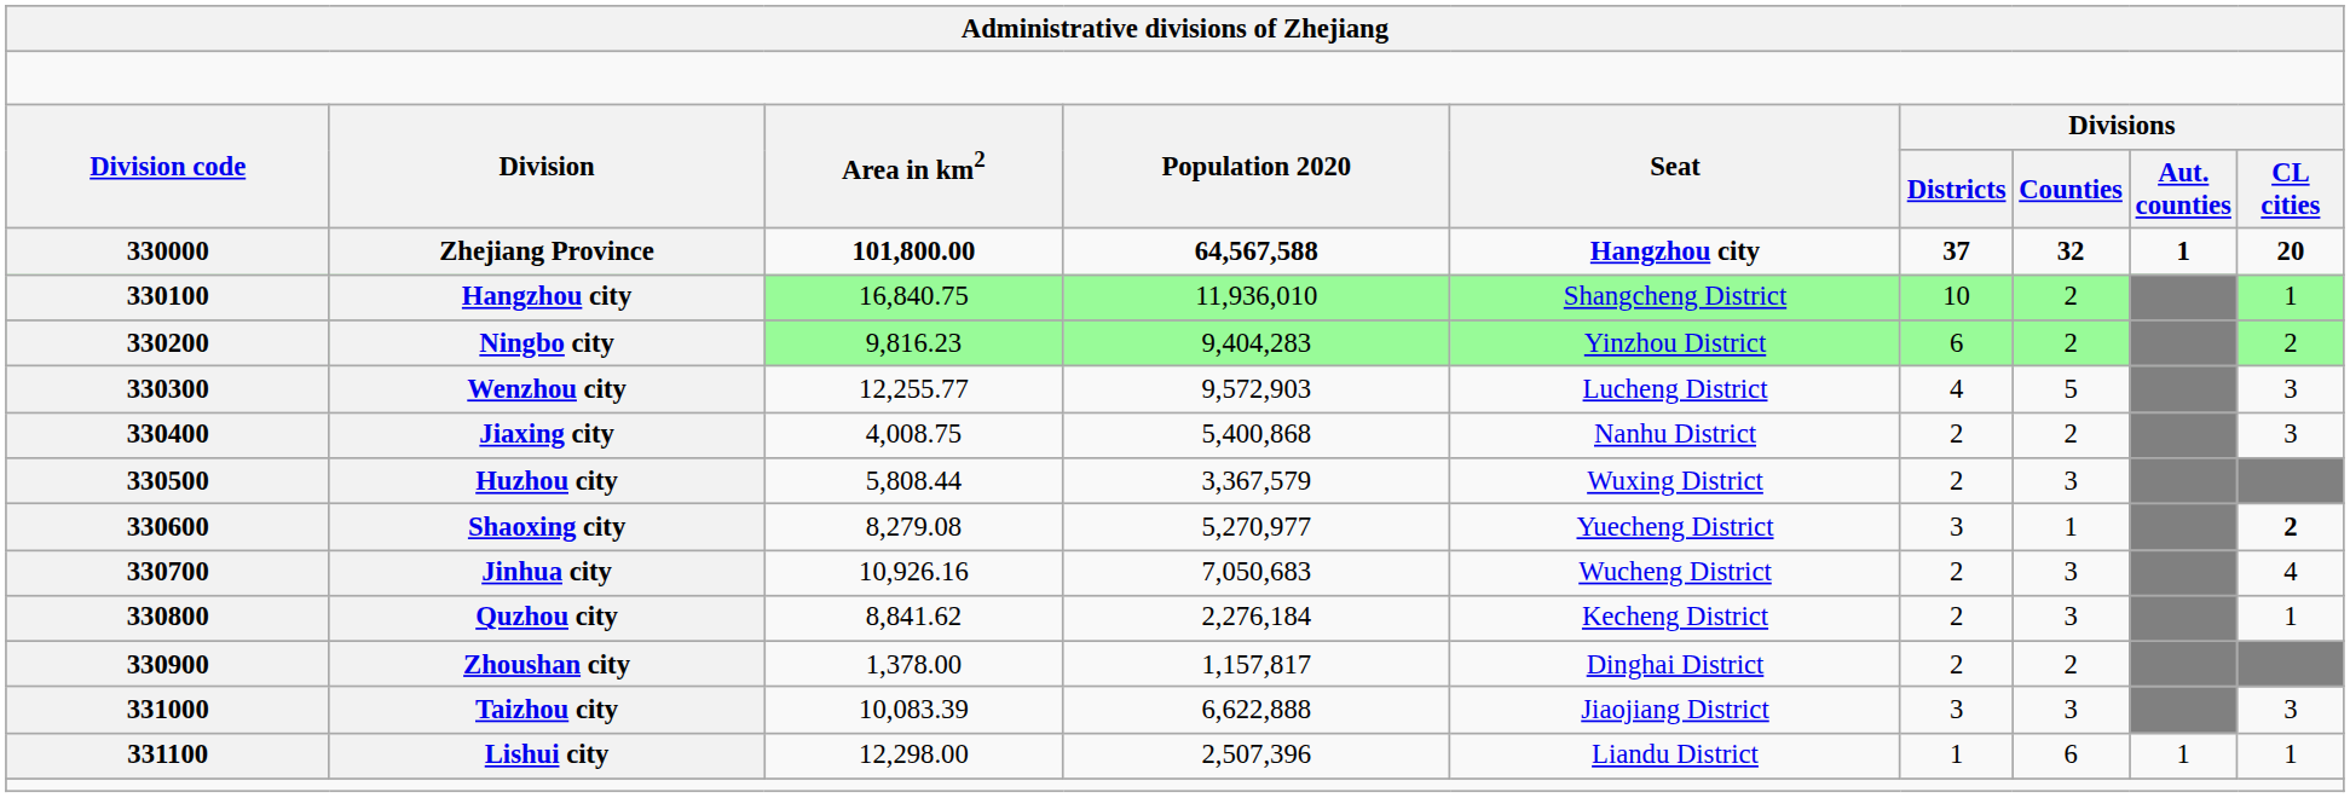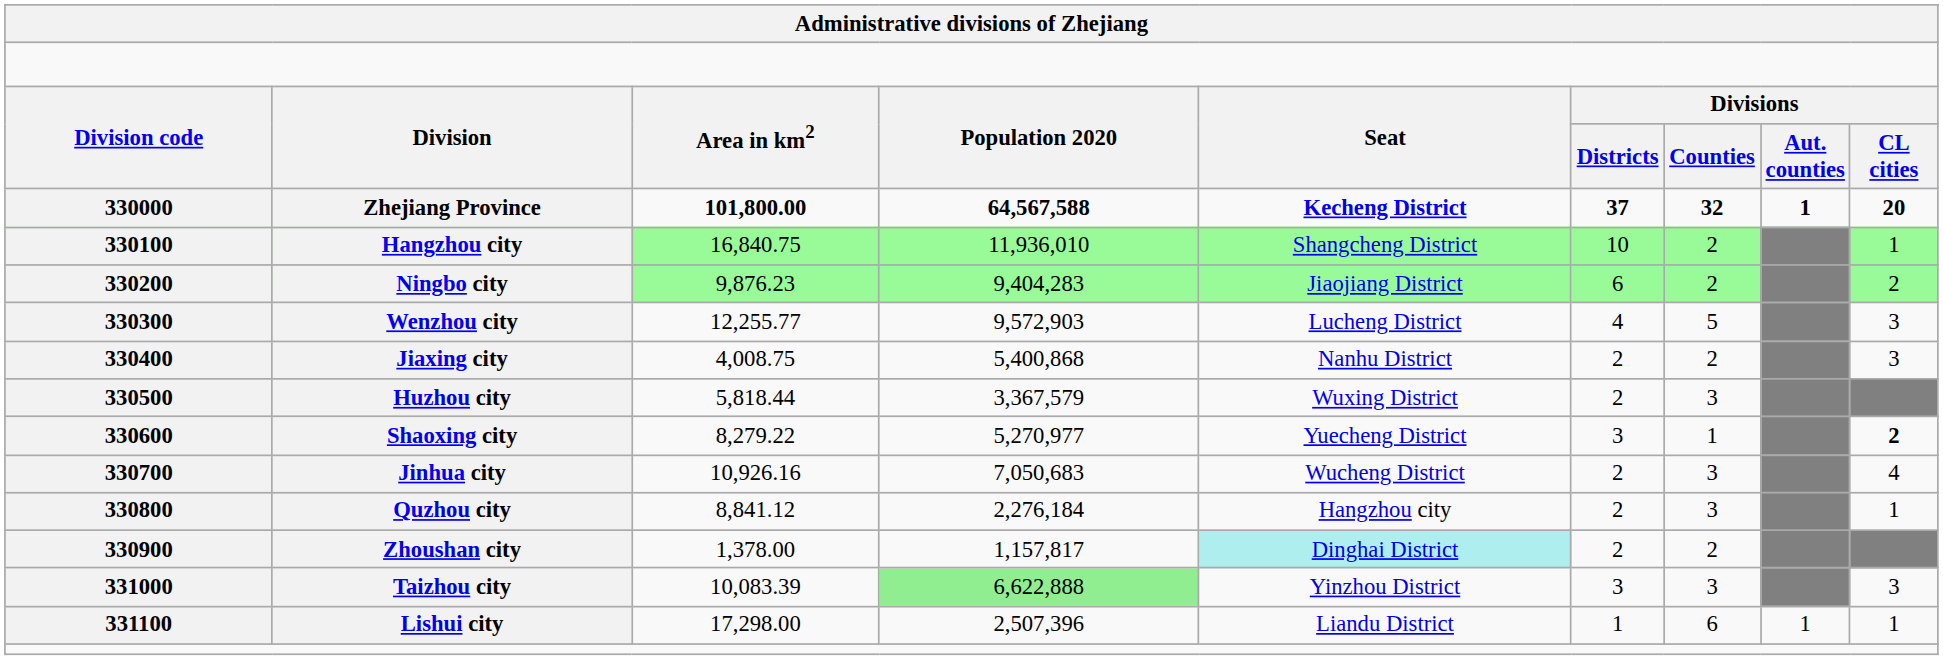 <table class="wikitable" style="margin:1em auto 1em auto; width:90%; font-size:smaller; text-align:center">
 <tr>
 <th colspan="9">Administrative divisions of Zhejiang</th>
 </tr>
 <tr>
 <td colspan="9" style="font-size:larger"><div><br>             </div></td>
 </tr>
 <tr>
 <th ! scope="col" rowspan="2"><a href='#'>Division code</a></th>
 <th ! scope="col" rowspan="2">Division</th>
 <th ! scope="col" rowspan="2">Area in km<sup>2</sup></th>
 <th ! scope="col" rowspan="2">Population 2020</th>
 <th ! scope="col" rowspan="2">Seat</th>
 <th ! scope="col" colspan="4">Divisions</th>
 </tr>
 <tr>
 <th ! scope="col" style="width:45px;"><a href='#'>Districts</a></th>
 <th ! scope="col" style="width:45px;"><a href='#'>Counties</a></th>
 <th ! scope="col" style="width:45px;"><a href='#'>Aut. counties</a></th>
 <th ! scope="col" style="width:45px;"><a href='#'>CL cities</a></th>
 </tr>
 <tr style="font-weight: bold">
 <th>330000</th>
 <th>Zhejiang Province</th>
 <td>101,800.00</td>
 <td>64,567,588</td>
-<td><a href='#'>Hangzhou</a> city</td>
+<td><a href='#'>Kecheng District</a></td>
 <td>37</td>
 <td>32</td>
 <td>1</td>
 <td>20</td>
 </tr>
 <tr style="background:#98fb98;">
 <th>330100</th>
 <th><a href='#'>Hangzhou</a> city</th>
 <td>16,840.75</td>
 <td>11,936,010</td>
 <td><a href='#'>Shangcheng District</a></td>
 <td>10</td>
 <td>2</td>
 <td style="background:gray;"></td>
 <td>1</td>
 </tr>
 <tr style="background:#98fb98;">
 <th>330200</th>
 <th><a href='#'>Ningbo</a> city</th>
-<td>9,816.23</td>
+<td>9,876.23</td>
 <td>9,404,283</td>
-<td><a href='#'>Yinzhou District</a></td>
+<td><a href='#'>Jiaojiang District</a></td>
 <td>6</td>
 <td>2</td>
 <td style="background:gray;"></td>
 <td>2</td>
 </tr>
 <tr>
 <th>330300</th>
 <th><a href='#'>Wenzhou</a> city</th>
 <td>12,255.77</td>
 <td>9,572,903</td>
 <td><a href='#'>Lucheng District</a></td>
 <td>4</td>
 <td>5</td>
 <td style="background:gray;"></td>
 <td>3</td>
 </tr>
 <tr>
 <th>330400</th>
 <th><a href='#'>Jiaxing</a> city</th>
 <td>4,008.75</td>
 <td>5,400,868</td>
 <td><a href='#'>Nanhu District</a></td>
 <td>2</td>
 <td>2</td>
 <td style="background:gray;"></td>
 <td>3</td>
 </tr>
 <tr>
 <th>330500</th>
 <th><a href='#'>Huzhou</a> city</th>
-<td>5,808.44</td>
+<td>5,818.44</td>
 <td>3,367,579</td>
 <td><a href='#'>Wuxing District</a></td>
 <td>2</td>
 <td>3</td>
 <td style="background:gray;"></td>
 <td style="background:gray;"></td>
 </tr>
 <tr>
 <th>330600</th>
 <th><a href='#'>Shaoxing</a> city</th>
-<td>8,279.08</td>
+<td>8,279.22</td>
 <td>5,270,977</td>
 <td><a href='#'>Yuecheng District</a></td>
 <td>3</td>
 <td>1</td>
 <td style="background:gray;"></td>
 <td><strong>2</strong></td>
 </tr>
 <tr>
 <th>330700</th>
 <th><a href='#'>Jinhua</a> city</th>
 <td>10,926.16</td>
 <td>7,050,683</td>
 <td><a href='#'>Wucheng District</a></td>
 <td>2</td>
 <td>3</td>
 <td style="background:gray;"></td>
 <td>4</td>
 </tr>
 <tr>
 <th>330800</th>
 <th><a href='#'>Quzhou</a> city</th>
-<td>8,841.62</td>
+<td>8,841.12</td>
 <td>2,276,184</td>
-<td><a href='#'>Kecheng District</a></td>
+<td><a href='#'>Hangzhou</a> city</td>
 <td>2</td>
 <td>3</td>
 <td style="background:gray;"></td>
 <td>1</td>
 </tr>
 <tr>
 <th>330900</th>
 <th><a href='#'>Zhoushan</a> city</th>
 <td>1,378.00</td>
 <td>1,157,817</td>
-<td><a href='#'>Dinghai District</a></td>
+<td style="background: paleturquoise;"><a href='#'>Dinghai District</a></td>
 <td>2</td>
 <td>2</td>
 <td style="background:gray;"></td>
 <td style="background:gray;"></td>
 </tr>
 <tr>
 <th>331000</th>
 <th><a href='#'>Taizhou</a> city</th>
 <td>10,083.39</td>
-<td>6,622,888</td>
-<td><a href='#'>Jiaojiang District</a></td>
+<td style="background: lightgreen;">6,622,888</td>
+<td><a href='#'>Yinzhou District</a></td>
 <td>3</td>
 <td>3</td>
 <td style="background:gray;"></td>
 <td>3</td>
 </tr>
 <tr>
 <th>331100</th>
 <th><a href='#'>Lishui</a> city</th>
-<td>12,298.00</td>
+<td>17,298.00</td>
 <td>2,507,396</td>
 <td><a href='#'>Liandu District</a></td>
 <td>1</td>
 <td>6</td>
 <td>1</td>
 <td>1</td>
 </tr>
 <tr>
 <td colspan = "12"></td>
 </tr>
 </table>
